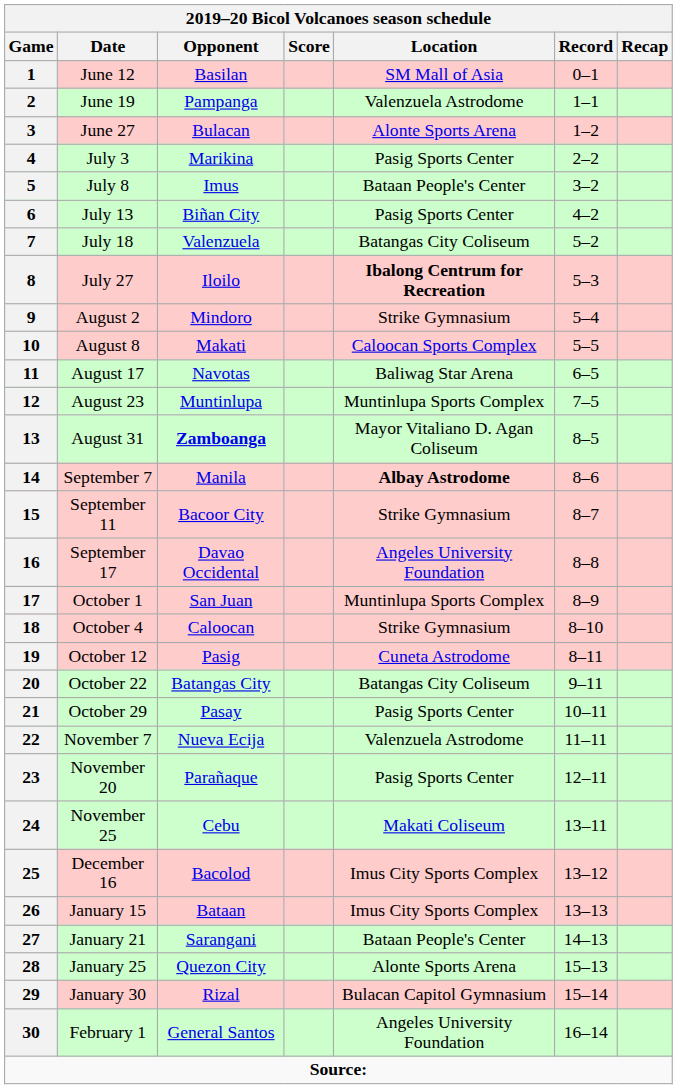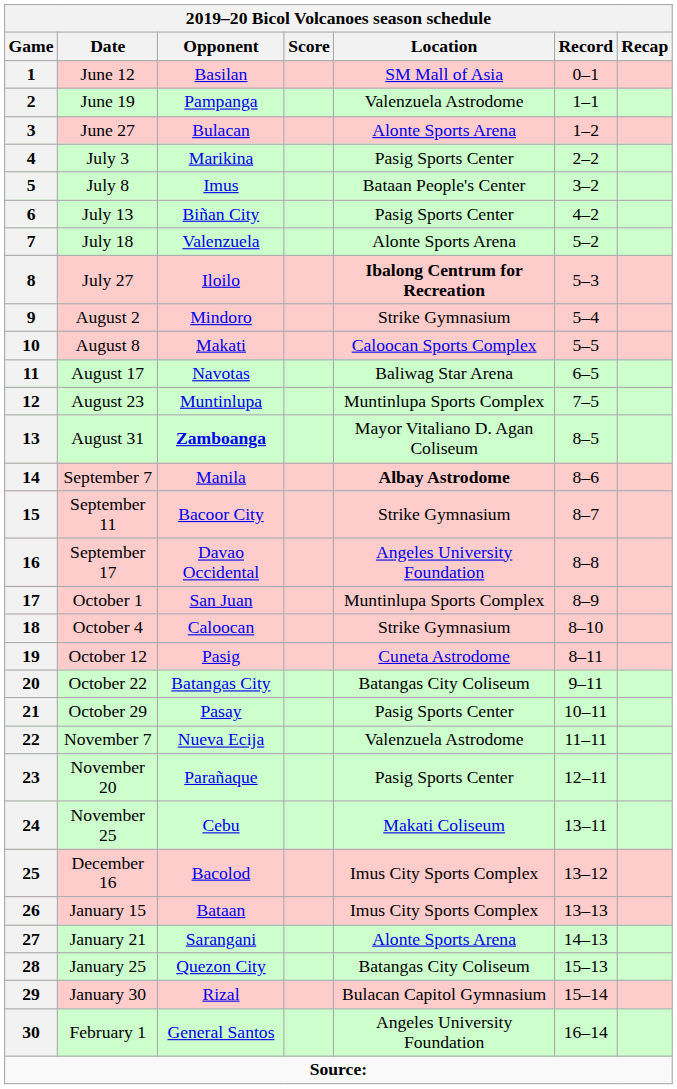 <table class="wikitable" style="text-align:center">
 <tr>
 <th colspan=7>2019–20 Bicol Volcanoes season schedule</th>
 </tr>
 <tr>
 <th>Game</th>
 <th>Date</th>
 <th>Opponent</th>
 <th>Score</th>
 <th>Location</th>
 <th>Record</th>
 <th>Recap<br></th>
 </tr>
 <tr style="background:#fcc">
 <th>1</th>
 <td>June 12</td>
 <td><a href='#'>Basilan</a></td>
 <td></td>
 <td><a href='#'>SM Mall of Asia</a></td>
 <td>0–1</td>
 <td></td>
 </tr>
 <tr style="background:#cfc">
 <th>2</th>
 <td>June 19</td>
 <td><a href='#'>Pampanga</a></td>
 <td></td>
 <td>Valenzuela Astrodome</td>
 <td>1–1</td>
 <td></td>
 </tr>
 <tr style="background:#fcc">
 <th>3</th>
 <td>June 27</td>
 <td><a href='#'>Bulacan</a></td>
 <td></td>
 <td><a href='#'>Alonte Sports Arena</a></td>
 <td>1–2</td>
 <td></td>
 </tr>
 <tr style="background:#cfc">
 <th>4</th>
 <td>July 3</td>
 <td><a href='#'>Marikina</a></td>
 <td></td>
 <td>Pasig Sports Center</td>
 <td>2–2</td>
 <td></td>
 </tr>
 <tr style="background:#cfc">
 <th>5</th>
 <td>July 8</td>
 <td><a href='#'>Imus</a></td>
 <td></td>
 <td>Bataan People's Center</td>
 <td>3–2</td>
 <td></td>
 </tr>
 <tr style="background:#cfc">
 <th>6</th>
 <td>July 13</td>
 <td><a href='#'>Biñan City</a></td>
 <td></td>
 <td>Pasig Sports Center</td>
 <td>4–2</td>
 <td></td>
 </tr>
 <tr style="background:#cfc">
 <th>7</th>
 <td>July 18</td>
 <td><a href='#'>Valenzuela</a></td>
 <td></td>
-<td>Batangas City Coliseum</td>
+<td>Alonte Sports Arena</td>
 <td>5–2</td>
 <td></td>
 </tr>
 <tr style="background:#fcc">
 <th>8</th>
 <td>July 27</td>
 <td><a href='#'>Iloilo</a></td>
 <td></td>
 <td><strong>Ibalong Centrum for Recreation</strong></td>
 <td>5–3</td>
 <td></td>
 </tr>
 <tr style="background:#fcc">
 <th>9</th>
 <td>August 2</td>
 <td><a href='#'>Mindoro</a></td>
 <td></td>
 <td>Strike Gymnasium</td>
 <td>5–4</td>
 <td></td>
 </tr>
 <tr style="background:#fcc">
 <th>10</th>
 <td>August 8</td>
 <td><a href='#'>Makati</a></td>
 <td></td>
 <td><a href='#'>Caloocan Sports Complex</a></td>
 <td>5–5</td>
 <td></td>
 </tr>
 <tr style="background:#cfc">
 <th>11</th>
 <td>August 17</td>
 <td><a href='#'>Navotas</a></td>
 <td></td>
 <td>Baliwag Star Arena</td>
 <td>6–5</td>
 <td></td>
 </tr>
 <tr style="background:#cfc">
 <th>12</th>
 <td>August 23</td>
 <td><a href='#'>Muntinlupa</a></td>
 <td></td>
 <td>Muntinlupa Sports Complex</td>
 <td>7–5</td>
 <td></td>
 </tr>
 <tr style="background:#cfc">
 <th>13</th>
 <td>August 31</td>
 <td><strong><a href='#'>Zamboanga</a></strong></td>
 <td></td>
 <td>Mayor Vitaliano D. Agan Coliseum</td>
 <td>8–5</td>
 <td><br></td>
 </tr>
 <tr style="background:#fcc">
 <th>14</th>
 <td>September 7</td>
 <td><a href='#'>Manila</a></td>
 <td></td>
 <td><strong>Albay Astrodome</strong></td>
 <td>8–6</td>
 <td></td>
 </tr>
 <tr style="background:#fcc">
 <th>15</th>
 <td>September 11</td>
 <td><a href='#'>Bacoor City</a></td>
 <td></td>
 <td>Strike Gymnasium</td>
 <td>8–7</td>
 <td></td>
 </tr>
 <tr style="background:#fcc">
 <th>16</th>
 <td>September 17</td>
 <td><a href='#'>Davao Occidental</a></td>
 <td></td>
 <td><a href='#'>Angeles University Foundation</a></td>
 <td>8–8</td>
 <td></td>
 </tr>
 <tr style="background:#fcc">
 <th>17</th>
 <td>October 1</td>
 <td><a href='#'>San Juan</a></td>
 <td></td>
 <td>Muntinlupa Sports Complex</td>
 <td>8–9</td>
 <td></td>
 </tr>
 <tr style="background:#fcc">
 <th>18</th>
 <td>October 4</td>
 <td><a href='#'>Caloocan</a></td>
 <td></td>
 <td>Strike Gymnasium</td>
 <td>8–10</td>
 <td></td>
 </tr>
 <tr style="background:#fcc">
 <th>19</th>
 <td>October 12</td>
 <td><a href='#'>Pasig</a></td>
 <td></td>
 <td><a href='#'>Cuneta Astrodome</a></td>
 <td>8–11</td>
 <td></td>
 </tr>
 <tr style="background:#cfc">
 <th>20</th>
 <td>October 22</td>
 <td><a href='#'>Batangas City</a></td>
 <td></td>
 <td>Batangas City Coliseum</td>
 <td>9–11</td>
 <td></td>
 </tr>
 <tr style="background:#cfc">
 <th>21</th>
 <td>October 29</td>
 <td><a href='#'>Pasay</a></td>
 <td></td>
 <td>Pasig Sports Center</td>
 <td>10–11</td>
 <td></td>
 </tr>
 <tr style="background:#cfc">
 <th>22</th>
 <td>November 7</td>
 <td><a href='#'>Nueva Ecija</a></td>
 <td></td>
 <td>Valenzuela Astrodome</td>
 <td>11–11</td>
 <td></td>
 </tr>
 <tr style="background:#cfc">
 <th>23</th>
 <td>November 20</td>
 <td><a href='#'>Parañaque</a></td>
 <td></td>
 <td>Pasig Sports Center</td>
 <td>12–11</td>
 <td></td>
 </tr>
 <tr style="background:#cfc">
 <th>24</th>
 <td>November 25</td>
 <td><a href='#'>Cebu</a></td>
 <td></td>
 <td><a href='#'>Makati Coliseum</a></td>
 <td>13–11</td>
 <td><br></td>
 </tr>
 <tr style="background:#fcc">
 <th>25</th>
 <td>December 16</td>
 <td><a href='#'>Bacolod</a></td>
 <td></td>
 <td>Imus City Sports Complex</td>
 <td>13–12</td>
 <td></td>
 </tr>
 <tr style="background:#fcc">
 <th>26</th>
 <td>January 15</td>
 <td><a href='#'>Bataan</a></td>
 <td></td>
 <td>Imus City Sports Complex</td>
 <td>13–13</td>
 <td></td>
 </tr>
 <tr style="background:#cfc">
 <th>27</th>
 <td>January 21</td>
 <td><a href='#'>Sarangani</a></td>
 <td></td>
-<td>Bataan People's Center</td>
+<td><a href='#'>Alonte Sports Arena</a></td>
 <td>14–13</td>
 <td></td>
 </tr>
 <tr style="background:#cfc">
 <th>28</th>
 <td>January 25</td>
 <td><a href='#'>Quezon City</a></td>
 <td></td>
-<td>Alonte Sports Arena</td>
+<td>Batangas City Coliseum</td>
 <td>15–13</td>
 <td></td>
 </tr>
 <tr style="background:#fcc">
 <th>29</th>
 <td>January 30</td>
 <td><a href='#'>Rizal</a></td>
 <td></td>
 <td>Bulacan Capitol Gymnasium</td>
 <td>15–14</td>
 <td></td>
 </tr>
 <tr style="background:#cfc">
 <th>30</th>
 <td>February 1</td>
 <td><a href='#'>General Santos</a></td>
 <td></td>
 <td>Angeles University Foundation</td>
 <td>16–14</td>
 <td></td>
 </tr>
 <tr>
 <td colspan=7 align=center><strong>Source: </strong></td>
 </tr>
 </table>
